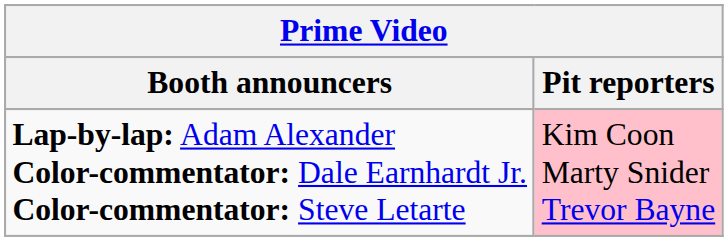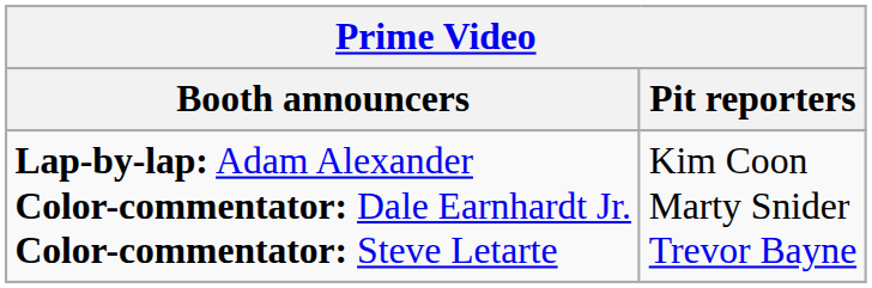 <table class="wikitable" style="font-size: 95%">
 <tr>
 <th colspan="3"><a href='#'>Prime Video</a></th>
 </tr>
 <tr>
 <th>Booth announcers</th>
 <th>Pit reporters</th>
 </tr>
 <tr>
 <td><strong>Lap-by-lap:</strong> <a href='#'>Adam Alexander</a><br><strong>Color-commentator:</strong> <a href='#'>Dale Earnhardt Jr.</a><br><strong>Color-commentator:</strong> <a href='#'>Steve Letarte</a></td>
-<td style="background: pink;">Kim Coon<br>Marty Snider<br><a href='#'>Trevor Bayne</a></td>
+<td>Kim Coon<br>Marty Snider<br><a href='#'>Trevor Bayne</a></td>
 </tr>
 </table>
